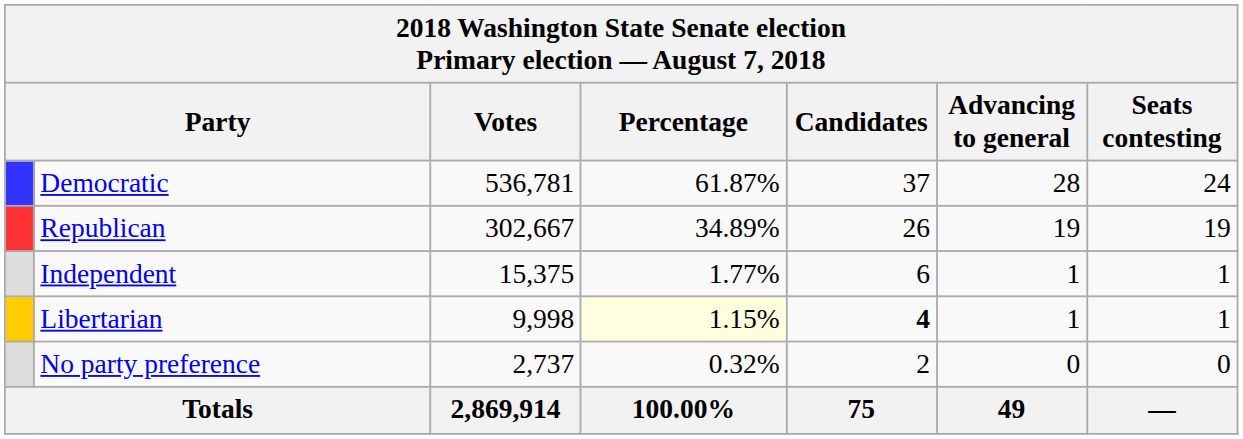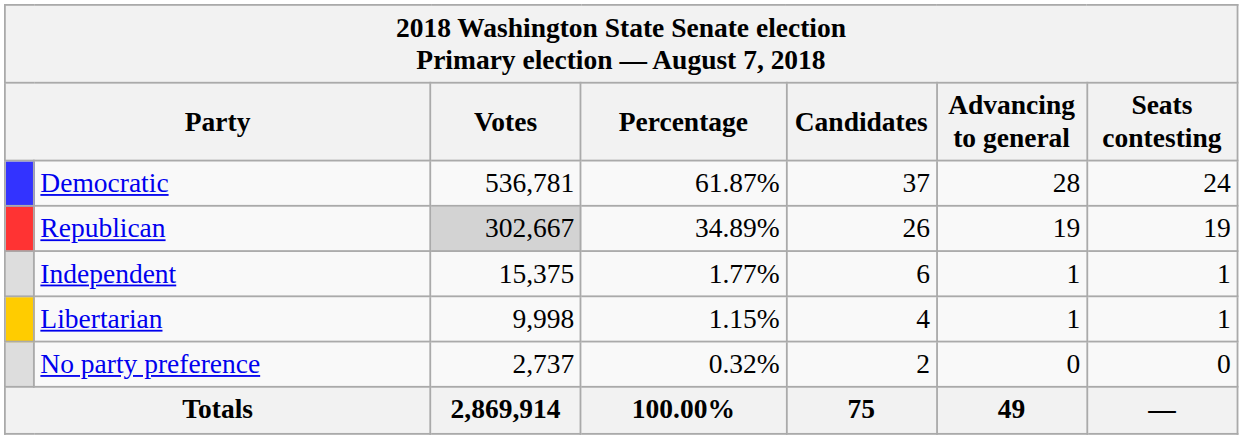 <table class="wikitable" style="font-size: 95%;">
 <tr>
 <th colspan="7">2018 Washington State Senate election<br>Primary election — August 7, 2018</th>
 </tr>
 <tr>
 <th colspan="2" style="width: 15em">Party</th>
 <th style="width: 5em">Votes</th>
 <th style="width: 7em">Percentage</th>
 <th style="width: 5em">Candidates</th>
 <th style="width: 5em">Advancing to general</th>
 <th style="width: 5em">Seats contesting</th>
 </tr>
 <tr>
 <th style="background-color:#3333FF; width: 3px"></th>
 <td style="width: 130px"><a href='#'>Democratic</a></td>
 <td align="right">536,781</td>
 <td align="right">61.87%</td>
 <td align="right">37</td>
 <td align="right">28</td>
 <td align="right">24</td>
 </tr>
 <tr>
 <th style="background-color:#FF3333; width: 3px"></th>
 <td style="width: 130px"><a href='#'>Republican</a></td>
-<td align="right">302,667</td>
+<td align="right" style="background: lightgrey;">302,667</td>
 <td align="right">34.89%</td>
 <td align="right">26</td>
 <td align="right">19</td>
 <td align="right">19</td>
 </tr>
 <tr>
 <th style="background-color:#DDDDDD; width: 3px"></th>
 <td style="width: 130px"><a href='#'>Independent</a></td>
 <td align="right">15,375</td>
 <td align="right">1.77%</td>
 <td align="right">6</td>
 <td align="right">1</td>
 <td align="right">1</td>
 </tr>
 <tr>
 <th style="background-color:#FFCC00; width: 3px"></th>
 <td style="width: 130px"><a href='#'>Libertarian</a></td>
 <td align="right">9,998</td>
-<td align="right" style="background: lightyellow;">1.15%</td>
-<td align="right"><strong>4</strong></td>
+<td align="right">1.15%</td>
+<td align="right">4</td>
 <td align="right">1</td>
 <td align="right">1</td>
 </tr>
 <tr>
 <th style="background-color:#DDDDDD; width: 3px"></th>
 <td style="width: 130px"><a href='#'>No party preference</a></td>
 <td align="right">2,737</td>
 <td align="right">0.32%</td>
 <td align="right">2</td>
 <td align="right">0</td>
 <td align="right">0</td>
 </tr>
 <tr bgcolor="#EEEEEE">
 <th colspan="2" align="right">Totals</th>
 <th align="right">2,869,914</th>
 <th align="right">100.00%</th>
 <th align="right">75</th>
 <th align="right">49</th>
 <th align="right">—</th>
 </tr>
 </table>
